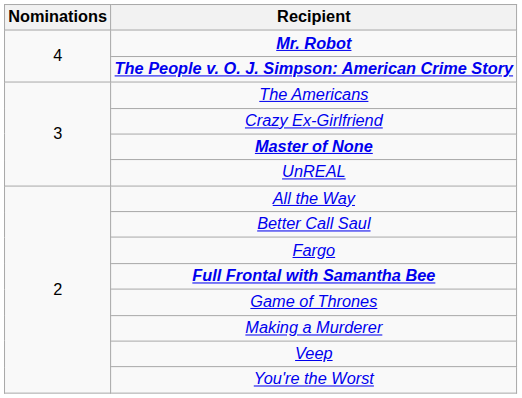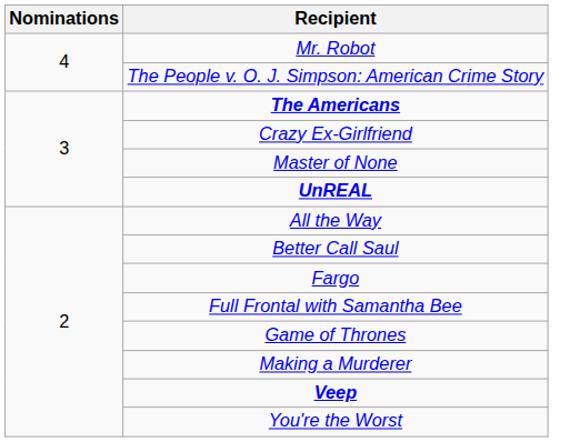 <table class="wikitable" rowspan="2" style="text-align:center;" background: #f6e39c;>
 <tr>
 <th scope="col" style="width:55px;">Nominations</th>
 <th scope="col" style="text-align:center;">Recipient</th>
 </tr>
 <tr>
 <td rowspan="2" style="text-align:center">4</td>
-<td><strong><em><a href='#'>Mr. Robot</a></em></strong></td>
+<td><em><a href='#'>Mr. Robot</a></em></td>
 </tr>
 <tr>
-<td><strong><em><a href='#'>The People v. O. J. Simpson: American Crime Story</a></em></strong></td>
+<td><em><a href='#'>The People v. O. J. Simpson: American Crime Story</a></em></td>
 </tr>
 <tr>
 <td rowspan="4" style="text-align:center">3</td>
-<td><em><a href='#'>The Americans</a></em></td>
+<td><strong><em><a href='#'>The Americans</a></em></strong></td>
 </tr>
 <tr>
 <td><em><a href='#'>Crazy Ex-Girlfriend</a></em></td>
 </tr>
 <tr>
-<td><strong><em><a href='#'>Master of None</a></em></strong></td>
+<td><em><a href='#'>Master of None</a></em></td>
 </tr>
 <tr>
-<td><em><a href='#'>UnREAL</a></em></td>
+<td><strong><em><a href='#'>UnREAL</a></em></strong></td>
 </tr>
 <tr>
 <td rowspan="8" style="text-align:center">2</td>
 <td><em><a href='#'>All the Way</a></em></td>
 </tr>
 <tr>
 <td><em><a href='#'>Better Call Saul</a></em></td>
 </tr>
 <tr>
 <td><em><a href='#'>Fargo</a></em></td>
 </tr>
 <tr>
-<td><strong><em><a href='#'>Full Frontal with Samantha Bee</a></em></strong></td>
+<td><em><a href='#'>Full Frontal with Samantha Bee</a></em></td>
 </tr>
 <tr>
 <td><em><a href='#'>Game of Thrones</a></em></td>
 </tr>
 <tr>
 <td><em><a href='#'>Making a Murderer</a></em></td>
 </tr>
 <tr>
-<td><em><a href='#'>Veep</a></em></td>
+<td><strong><em><a href='#'>Veep</a></em></strong></td>
 </tr>
 <tr>
 <td><em><a href='#'>You're the Worst</a></em></td>
 </tr>
 </table>
